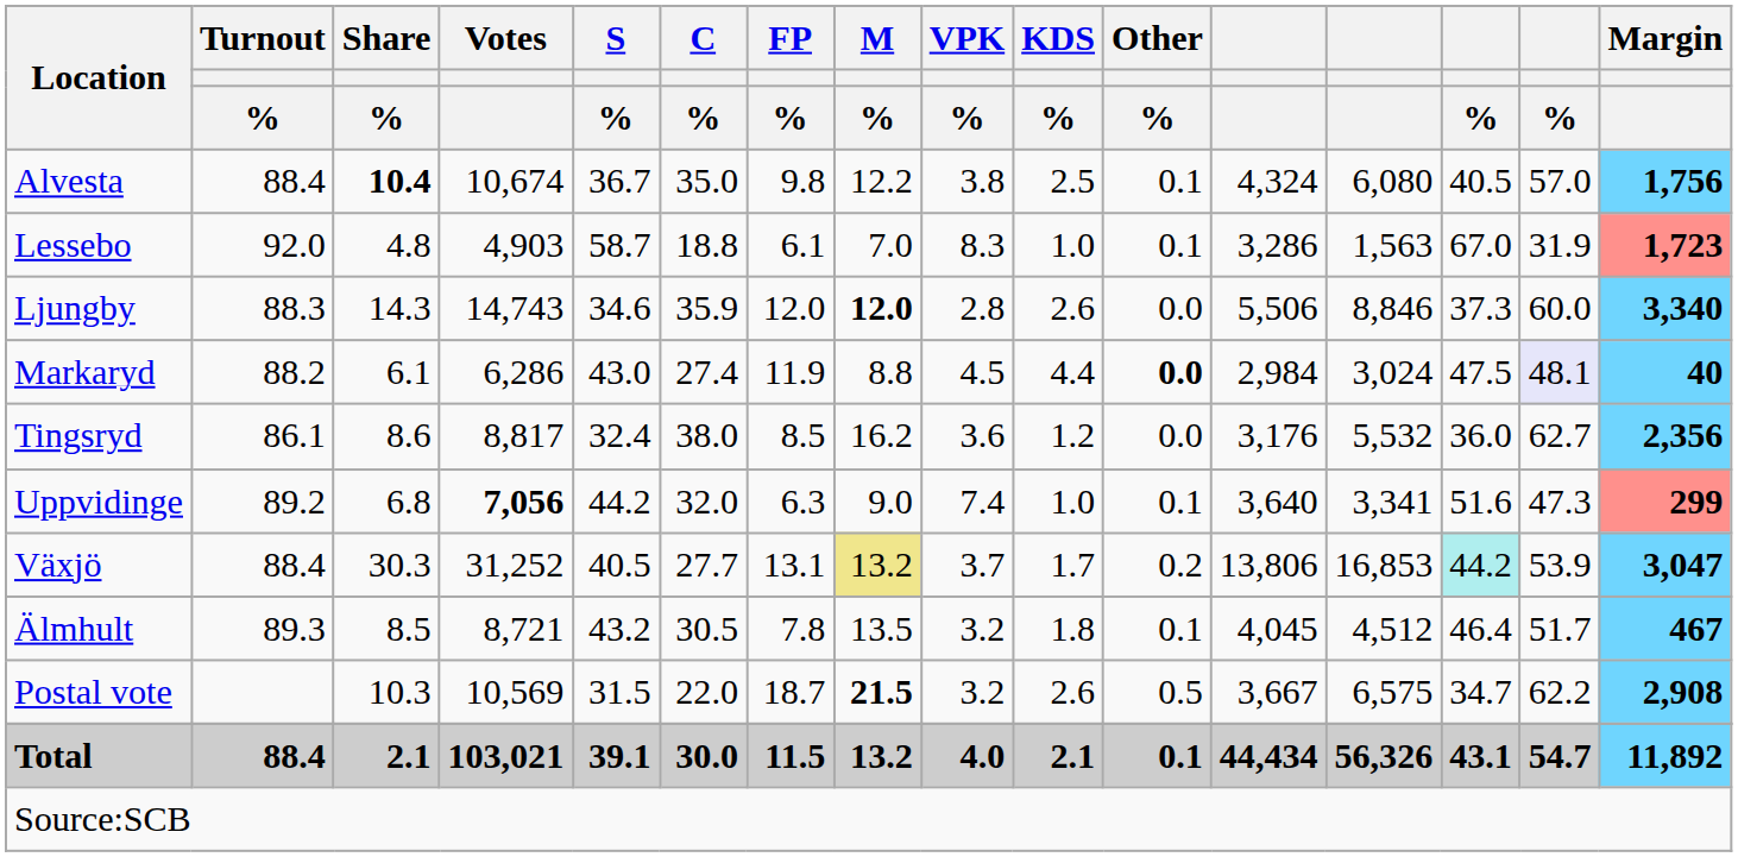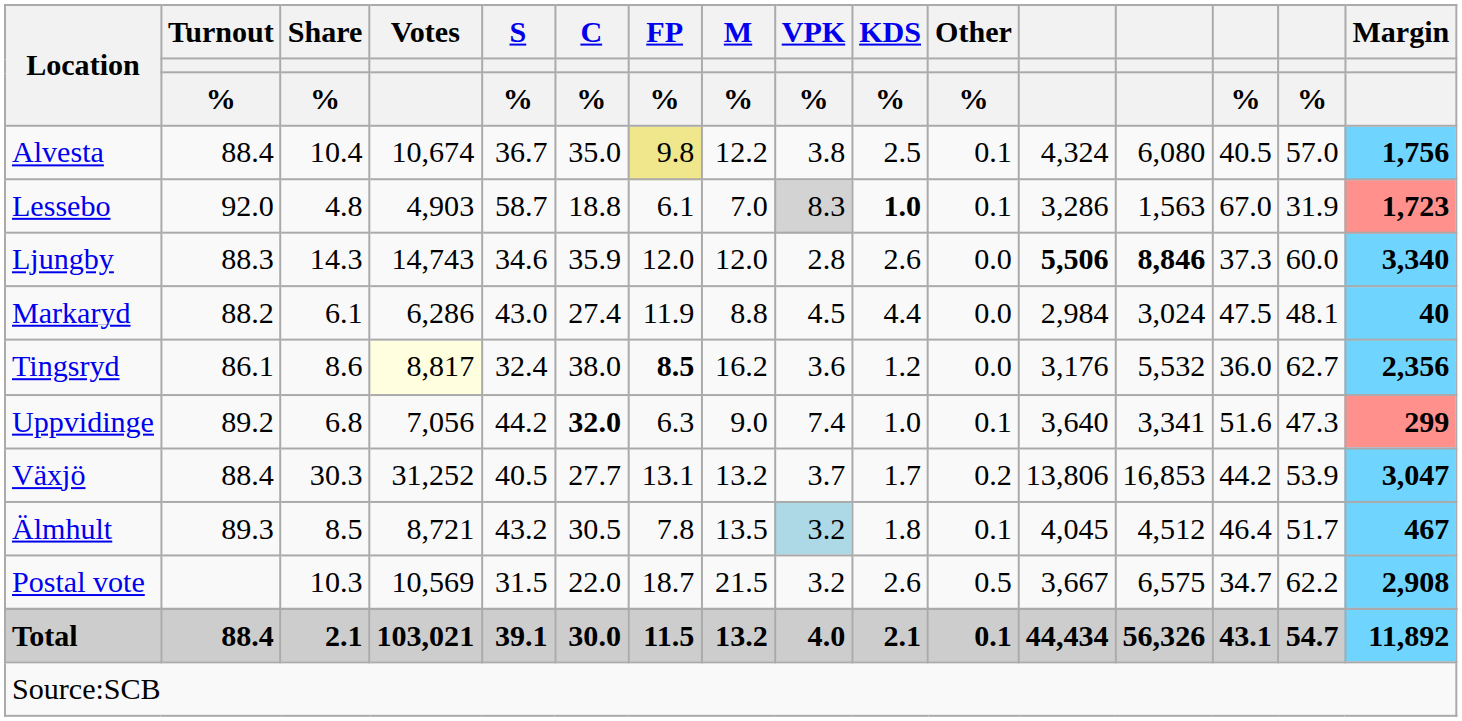 <table class="wikitable sortable" style="text-align:right; font-size:95%; line-height:20px;">
 <tr>
 <th rowspan="3">Location</th>
 <th>Turnout</th>
 <th>Share</th>
 <th>Votes</th>
 <th width="30px" class="unsortable"><a href='#'>S</a></th>
 <th width="30px" class="unsortable"><a href='#'>C</a></th>
 <th width="30px" class="unsortable"><a href='#'>FP</a></th>
 <th width="30px" class="unsortable"><a href='#'>M</a></th>
 <th width="30px" class="unsortable"><a href='#'>VPK</a></th>
 <th width="30px" class="unsortable"><a href='#'>KDS</a></th>
 <th width="30px" class="unsortable">Other</th>
 <th></th>
 <th></th>
 <th></th>
 <th></th>
 <th>Margin</th>
 </tr>
 <tr>
 <th></th>
 <th></th>
 <th></th>
 <th style="background:"></th>
 <th style="background:"></th>
 <th style="background:"></th>
 <th style="background:"></th>
 <th style="background:"></th>
 <th style="background:"></th>
 <th style="background:"></th>
 <th style="background:"></th>
 <th style="background:"></th>
 <th style="background:"></th>
 <th style="background:"></th>
 <th></th>
 </tr>
 <tr>
 <th data-sort-type="number">%</th>
 <th data-sort-type="number">%</th>
 <th></th>
 <th data-sort-type="number">%</th>
 <th data-sort-type="number">%</th>
 <th data-sort-type="number">%</th>
 <th data-sort-type="number">%</th>
 <th data-sort-type="number">%</th>
 <th data-sort-type="number">%</th>
 <th data-sort-type="number">%</th>
 <th data-sort-type="number"></th>
 <th data-sort-type="number"></th>
 <th data-sort-type="number">%</th>
 <th data-sort-type="number">%</th>
 <th data-sort-type="number"></th>
 </tr>
 <tr>
 <td align=left><a href='#'>Alvesta</a></td>
 <td>88.4</td>
-<td><strong>10.4</strong></td>
+<td>10.4</td>
 <td>10,674</td>
 <td>36.7</td>
 <td>35.0</td>
-<td>9.8</td>
+<td style="background: khaki;">9.8</td>
 <td>12.2</td>
 <td>3.8</td>
 <td>2.5</td>
 <td>0.1</td>
 <td>4,324</td>
 <td>6,080</td>
 <td>40.5</td>
 <td>57.0</td>
 <td bgcolor=#6fd5fe><strong>1,756</strong></td>
 </tr>
 <tr>
 <td align=left><a href='#'>Lessebo</a></td>
 <td>92.0</td>
 <td>4.8</td>
 <td>4,903</td>
 <td>58.7</td>
 <td>18.8</td>
 <td>6.1</td>
 <td>7.0</td>
-<td>8.3</td>
-<td>1.0</td>
+<td style="background: lightgrey;">8.3</td>
+<td><strong>1.0</strong></td>
 <td>0.1</td>
 <td>3,286</td>
 <td>1,563</td>
 <td>67.0</td>
 <td>31.9</td>
 <td bgcolor=#ff908c><strong>1,723</strong></td>
 </tr>
 <tr>
 <td align=left><a href='#'>Ljungby</a></td>
 <td>88.3</td>
 <td>14.3</td>
 <td>14,743</td>
 <td>34.6</td>
 <td>35.9</td>
 <td>12.0</td>
-<td><strong>12.0</strong></td>
+<td>12.0</td>
 <td>2.8</td>
 <td>2.6</td>
 <td>0.0</td>
-<td>5,506</td>
-<td>8,846</td>
+<td><strong>5,506</strong></td>
+<td><strong>8,846</strong></td>
 <td>37.3</td>
 <td>60.0</td>
 <td bgcolor=#6fd5fe><strong>3,340</strong></td>
 </tr>
 <tr>
 <td align=left><a href='#'>Markaryd</a></td>
 <td>88.2</td>
 <td>6.1</td>
 <td>6,286</td>
 <td>43.0</td>
 <td>27.4</td>
 <td>11.9</td>
 <td>8.8</td>
 <td>4.5</td>
 <td>4.4</td>
-<td><strong>0.0</strong></td>
+<td>0.0</td>
 <td>2,984</td>
 <td>3,024</td>
 <td>47.5</td>
-<td style="background: lavender;">48.1</td>
+<td>48.1</td>
 <td bgcolor=#6fd5fe><strong>40</strong></td>
 </tr>
 <tr>
 <td align=left><a href='#'>Tingsryd</a></td>
 <td>86.1</td>
 <td>8.6</td>
-<td>8,817</td>
+<td style="background: lightyellow;">8,817</td>
 <td>32.4</td>
 <td>38.0</td>
-<td>8.5</td>
+<td><strong>8.5</strong></td>
 <td>16.2</td>
 <td>3.6</td>
 <td>1.2</td>
 <td>0.0</td>
 <td>3,176</td>
 <td>5,532</td>
 <td>36.0</td>
 <td>62.7</td>
 <td bgcolor=#6fd5fe><strong>2,356</strong></td>
 </tr>
 <tr>
 <td align=left><a href='#'>Uppvidinge</a></td>
 <td>89.2</td>
 <td>6.8</td>
-<td><strong>7,056</strong></td>
+<td>7,056</td>
 <td>44.2</td>
-<td>32.0</td>
+<td><strong>32.0</strong></td>
 <td>6.3</td>
 <td>9.0</td>
 <td>7.4</td>
 <td>1.0</td>
 <td>0.1</td>
 <td>3,640</td>
 <td>3,341</td>
 <td>51.6</td>
 <td>47.3</td>
 <td bgcolor=#ff908c><strong>299</strong></td>
 </tr>
 <tr>
 <td align=left><a href='#'>Växjö</a></td>
 <td>88.4</td>
 <td>30.3</td>
 <td>31,252</td>
 <td>40.5</td>
 <td>27.7</td>
 <td>13.1</td>
-<td style="background: khaki;">13.2</td>
+<td>13.2</td>
 <td>3.7</td>
 <td>1.7</td>
 <td>0.2</td>
 <td>13,806</td>
 <td>16,853</td>
-<td style="background: paleturquoise;">44.2</td>
+<td>44.2</td>
 <td>53.9</td>
 <td bgcolor=#6fd5fe><strong>3,047</strong></td>
 </tr>
 <tr>
 <td align=left><a href='#'>Älmhult</a></td>
 <td>89.3</td>
 <td>8.5</td>
 <td>8,721</td>
 <td>43.2</td>
 <td>30.5</td>
 <td>7.8</td>
 <td>13.5</td>
-<td>3.2</td>
+<td style="background: lightblue;">3.2</td>
 <td>1.8</td>
 <td>0.1</td>
 <td>4,045</td>
 <td>4,512</td>
 <td>46.4</td>
 <td>51.7</td>
 <td bgcolor=#6fd5fe><strong>467</strong></td>
 </tr>
 <tr>
 <td align=left><a href='#'>Postal vote</a></td>
 <td></td>
 <td>10.3</td>
 <td>10,569</td>
 <td>31.5</td>
 <td>22.0</td>
 <td>18.7</td>
-<td><strong>21.5</strong></td>
+<td>21.5</td>
 <td>3.2</td>
 <td>2.6</td>
 <td>0.5</td>
 <td>3,667</td>
 <td>6,575</td>
 <td>34.7</td>
 <td>62.2</td>
 <td bgcolor=#6fd5fe><strong>2,908</strong></td>
 </tr>
 <tr>
 </tr>
 <tr style="background:#CDCDCD;">
 <td align=left><strong>Total</strong></td>
 <td><strong>88.4</strong></td>
 <td><strong>2.1</strong></td>
 <td><strong>103,021</strong></td>
 <td><strong>39.1</strong></td>
 <td><strong>30.0</strong></td>
 <td><strong>11.5</strong></td>
 <td><strong>13.2</strong></td>
 <td><strong>4.0</strong></td>
 <td><strong>2.1</strong></td>
 <td><strong>0.1</strong></td>
 <td><strong>44,434</strong></td>
 <td><strong>56,326</strong></td>
 <td><strong>43.1</strong></td>
 <td><strong>54.7</strong></td>
 <td bgcolor=#6fd5fe><strong>11,892</strong></td>
 </tr>
 <tr>
 <td align=left colspan=16>Source:SCB </td>
 </tr>
 </table>
